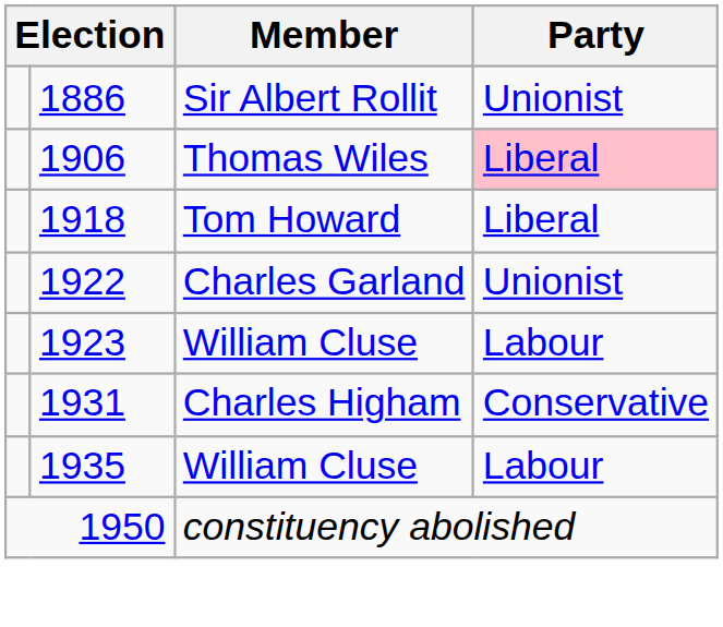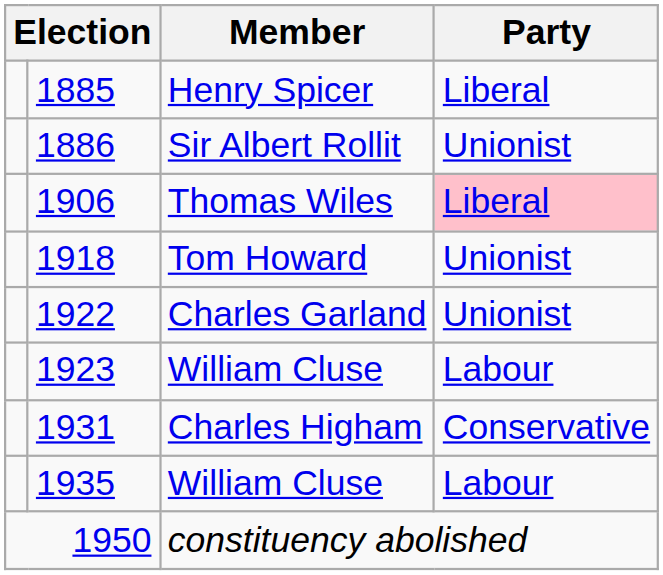 <table class="wikitable">
 <tr>
 <th colspan="2">Election</th>
 <th>Member</th>
 <th>Party</th>
+</tr>
+<tr>
+<td style="color:inherit;background-color: "></td>
+<td><a href='#'>1885</a></td>
+<td><a href='#'>Henry Spicer</a></td>
+<td><a href='#'>Liberal</a></td>
 </tr>
 <tr>
 <td style="color:inherit;background-color: "></td>
 <td><a href='#'>1886</a></td>
 <td><a href='#'>Sir Albert Rollit</a></td>
 <td><a href='#'>Unionist</a></td>
 </tr>
 <tr>
 <td style="color:inherit;background-color: "></td>
 <td><a href='#'>1906</a></td>
 <td><a href='#'>Thomas Wiles</a></td>
 <td style="background: pink;"><a href='#'>Liberal</a></td>
 </tr>
 <tr>
 <td style="color:inherit;background-color: "></td>
 <td><a href='#'>1918</a></td>
 <td><a href='#'>Tom Howard</a></td>
-<td><a href='#'>Liberal</a></td>
+<td><a href='#'>Unionist</a></td>
 </tr>
 <tr>
 <td style="color:inherit;background-color: "></td>
 <td><a href='#'>1922</a></td>
 <td><a href='#'>Charles Garland</a></td>
 <td><a href='#'>Unionist</a></td>
 </tr>
 <tr>
 <td style="color:inherit;background-color: "></td>
 <td><a href='#'>1923</a></td>
 <td><a href='#'>William Cluse</a></td>
 <td><a href='#'>Labour</a></td>
 </tr>
 <tr>
 <td style="color:inherit;background-color: "></td>
 <td><a href='#'>1931</a></td>
 <td><a href='#'>Charles Higham</a></td>
 <td><a href='#'>Conservative</a></td>
 </tr>
 <tr>
 <td style="color:inherit;background-color: "></td>
 <td><a href='#'>1935</a></td>
 <td><a href='#'>William Cluse</a></td>
 <td><a href='#'>Labour</a></td>
 </tr>
 <tr>
 <td colspan="2" align="right"><a href='#'>1950</a></td>
 <td colspan="2"><em>constituency abolished</em></td>
 </tr>
 </table>
